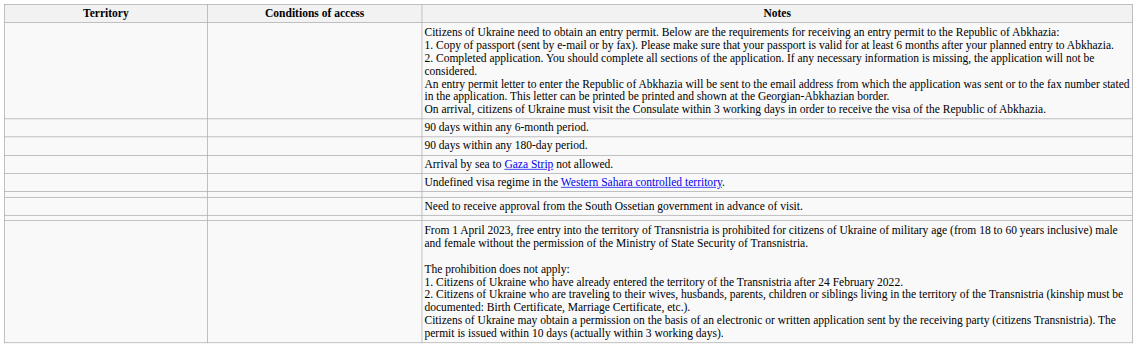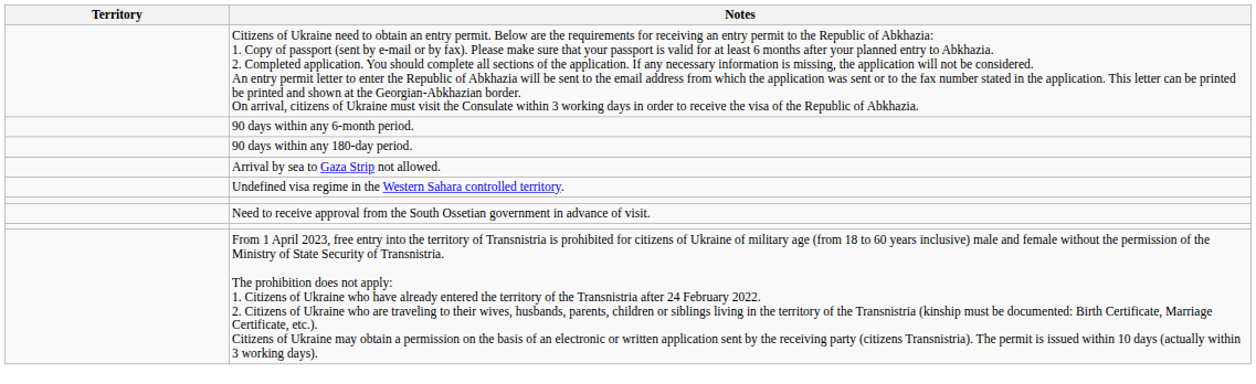 <table class="wikitable" style="text-align: left; table-layout: fixed;">
 <tr>
 <th style="width:18%;">Territory</th>
-<th style="width:19%;">Conditions of access</th>
 <th>Notes</th>
 </tr>
 <tr>
-<td></td>
 <td></td>
 <td>Citizens of Ukraine need to obtain an entry permit. Below are the requirements for receiving an entry permit to the Republic of Abkhazia:<br>1. Copy of passport (sent by e-mail or by fax). Please make sure that your passport is valid for at least 6 months after your planned entry to Abkhazia.<br>2. Completed application. You should complete all sections of the application. If any necessary information is missing, the application will not be considered.<br>An entry permit letter to enter the Republic of Abkhazia will be sent to the email address from which the application was sent or to the fax number stated in the application. This letter can be printed be printed and shown at the Georgian-Abkhazian border.<br>On arrival, citizens of Ukraine must visit the Consulate within 3 working days in order to receive the visa of the Republic of Abkhazia.</td>
 </tr>
 <tr>
 <td></td>
-<td></td>
 <td>90 days within any 6-month period.</td>
 </tr>
 <tr>
-<td></td>
 <td></td>
 <td>90 days within any 180-day period.</td>
 </tr>
 <tr>
 <td></td>
-<td></td>
 <td>Arrival by sea to <a href='#'>Gaza Strip</a> not allowed.</td>
 </tr>
 <tr>
-<td></td>
 <td></td>
 <td>Undefined visa regime in the <a href='#'>Western Sahara controlled territory</a>.</td>
 </tr>
 <tr>
 <td></td>
 <td></td>
-<td></td>
 </tr>
 <tr>
-<td></td>
 <td></td>
 <td>Need to receive approval from the South Ossetian government in advance of visit.</td>
 </tr>
 <tr>
 <td></td>
 <td></td>
-<td></td>
 </tr>
 <tr>
-<td></td>
 <td></td>
 <td>From 1 April 2023, free entry into the territory of Transnistria is prohibited for citizens of Ukraine of military age (from 18 to 60 years inclusive) male and female without the permission of the Ministry of State Security of Transnistria.<br><br>The prohibition does not apply:<br>1. Citizens of Ukraine who have already entered the territory of the Transnistria after 24 February 2022.<br>2. Citizens of Ukraine who are traveling to their wives, husbands, parents, children or siblings living in the territory of the Transnistria (kinship must be documented: Birth Certificate, Marriage Certificate, etc.).<br>Citizens of Ukraine may obtain a permission on the basis of an electronic or written application sent by the receiving party (citizens Transnistria). The permit is issued within 10 days (actually within 3 working days).</td>
 </tr>
 </table>
